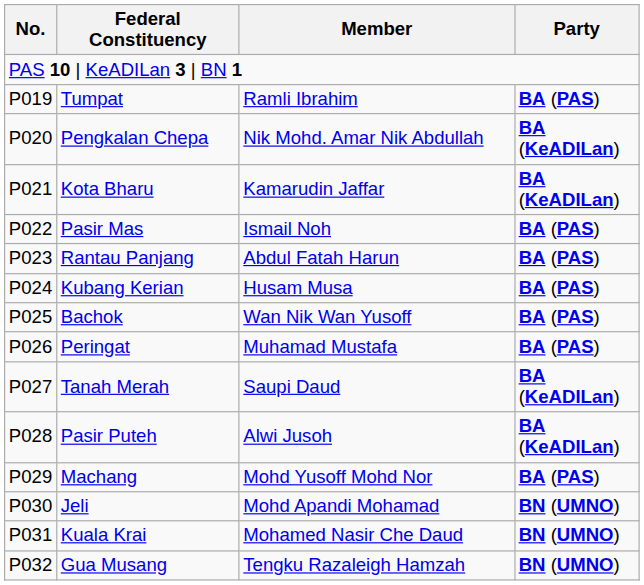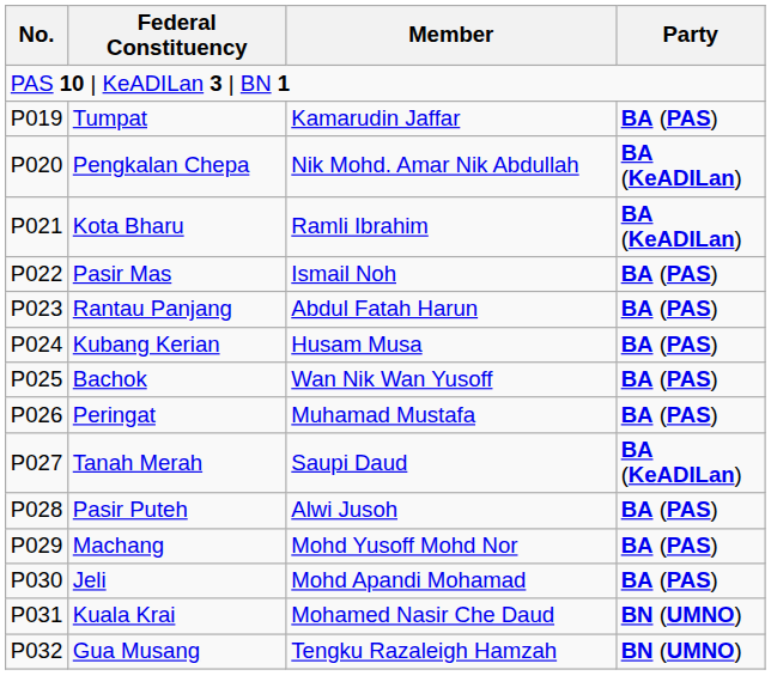 <table class="wikitable sortable">
 <tr>
 <th style="width:30px;">No.</th>
 <th style="width:150px;">Federal Constituency</th>
 <th style="width:230px;">Member</th>
 <th style="width:100px;">Party</th>
 </tr>
 <tr>
 <td colspan="4"><a href='#'>PAS</a> <strong>10</strong> | <a href='#'>KeADILan</a> <strong>3</strong> | <a href='#'>BN</a> <strong>1</strong></td>
 </tr>
 <tr>
 <td>P019</td>
 <td><a href='#'>Tumpat</a></td>
-<td><a href='#'>Ramli Ibrahim</a></td>
+<td><a href='#'>Kamarudin Jaffar</a></td>
 <td><strong><a href='#'>BA</a></strong> (<strong><a href='#'>PAS</a></strong>)</td>
 </tr>
 <tr>
 <td>P020</td>
 <td><a href='#'>Pengkalan Chepa</a></td>
 <td><a href='#'>Nik Mohd. Amar Nik Abdullah</a></td>
 <td><strong><a href='#'>BA</a></strong> (<strong><a href='#'>KeADILan</a></strong>)</td>
 </tr>
 <tr>
 <td>P021</td>
 <td><a href='#'>Kota Bharu</a></td>
-<td><a href='#'>Kamarudin Jaffar</a></td>
+<td><a href='#'>Ramli Ibrahim</a></td>
 <td><strong><a href='#'>BA</a></strong> (<strong><a href='#'>KeADILan</a></strong>)</td>
 </tr>
 <tr>
 <td>P022</td>
 <td><a href='#'>Pasir Mas</a></td>
 <td><a href='#'>Ismail Noh</a></td>
 <td><strong><a href='#'>BA</a></strong> (<strong><a href='#'>PAS</a></strong>)</td>
 </tr>
 <tr>
 <td>P023</td>
 <td><a href='#'>Rantau Panjang</a></td>
 <td><a href='#'>Abdul Fatah Harun</a></td>
 <td><strong><a href='#'>BA</a></strong> (<strong><a href='#'>PAS</a></strong>)</td>
 </tr>
 <tr>
 <td>P024</td>
 <td><a href='#'>Kubang Kerian</a></td>
 <td><a href='#'>Husam Musa</a></td>
 <td><strong><a href='#'>BA</a></strong> (<strong><a href='#'>PAS</a></strong>)</td>
 </tr>
 <tr>
 <td>P025</td>
 <td><a href='#'>Bachok</a></td>
 <td><a href='#'>Wan Nik Wan Yusoff</a></td>
 <td><strong><a href='#'>BA</a></strong> (<strong><a href='#'>PAS</a></strong>)</td>
 </tr>
 <tr>
 <td>P026</td>
 <td><a href='#'>Peringat</a></td>
 <td><a href='#'>Muhamad Mustafa</a></td>
 <td><strong><a href='#'>BA</a></strong> (<strong><a href='#'>PAS</a></strong>)</td>
 </tr>
 <tr>
 <td>P027</td>
 <td><a href='#'>Tanah Merah</a></td>
 <td><a href='#'>Saupi Daud</a></td>
 <td><strong><a href='#'>BA</a></strong> (<strong><a href='#'>KeADILan</a></strong>)</td>
 </tr>
 <tr>
 <td>P028</td>
 <td><a href='#'>Pasir Puteh</a></td>
 <td><a href='#'>Alwi Jusoh</a></td>
-<td><strong><a href='#'>BA</a></strong> (<strong><a href='#'>KeADILan</a></strong>)</td>
+<td><strong><a href='#'>BA</a></strong> (<strong><a href='#'>PAS</a></strong>)</td>
 </tr>
 <tr>
 <td>P029</td>
 <td><a href='#'>Machang</a></td>
 <td><a href='#'>Mohd Yusoff Mohd Nor</a></td>
 <td><strong><a href='#'>BA</a></strong> (<strong><a href='#'>PAS</a></strong>)</td>
 </tr>
 <tr>
 <td>P030</td>
 <td><a href='#'>Jeli</a></td>
 <td><a href='#'>Mohd Apandi Mohamad</a></td>
-<td><strong><a href='#'>BN</a></strong> (<strong><a href='#'>UMNO</a></strong>)</td>
+<td><strong><a href='#'>BA</a></strong> (<strong><a href='#'>PAS</a></strong>)</td>
 </tr>
 <tr>
 <td>P031</td>
 <td><a href='#'>Kuala Krai</a></td>
 <td><a href='#'>Mohamed Nasir Che Daud</a></td>
 <td><strong><a href='#'>BN</a></strong> (<strong><a href='#'>UMNO</a></strong>)</td>
 </tr>
 <tr>
 <td>P032</td>
 <td><a href='#'>Gua Musang</a></td>
 <td><a href='#'>Tengku Razaleigh Hamzah</a></td>
 <td><strong><a href='#'>BN</a></strong> (<strong><a href='#'>UMNO</a></strong>)</td>
 </tr>
 </table>
